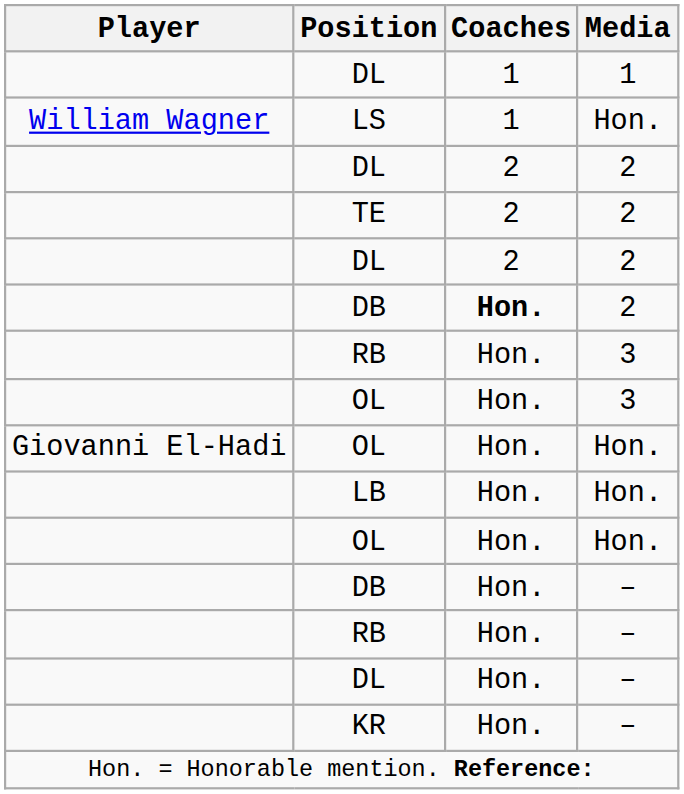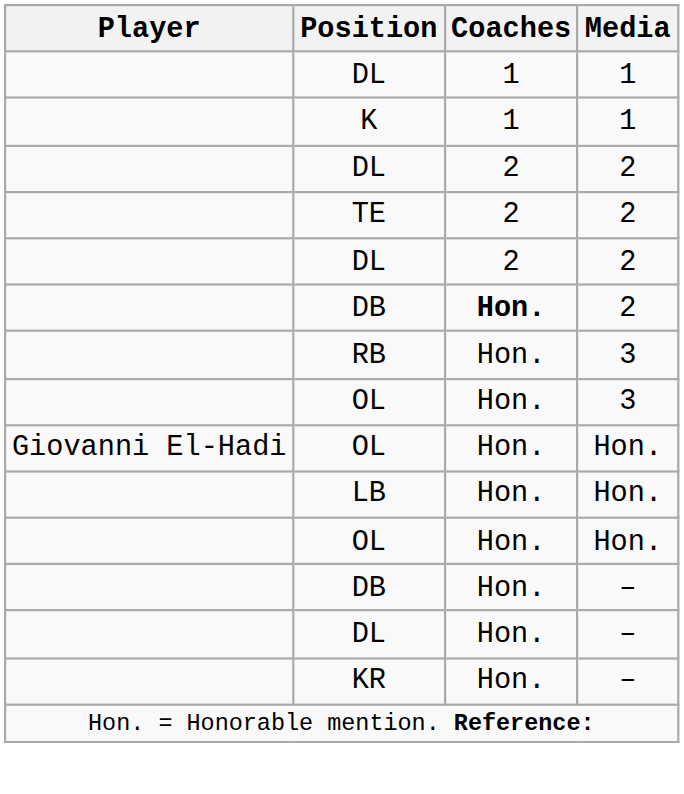 <table class="wikitable sortable sortable" style="text-align: center">
 <tr align=center>
 <th>Player</th>
 <th>Position</th>
 <th>Coaches</th>
 <th>Media</th>
 </tr>
 <tr>
 <td></td>
 <td>DL</td>
 <td>1</td>
 <td>1</td>
 </tr>
 <tr>
-<td><a href='#'>William Wagner</a></td>
-<td>LS</td>
+<td></td>
+<td>K</td>
 <td>1</td>
-<td data-sort-value="4">Hon.</td>
+<td>1</td>
 </tr>
 <tr>
 <td></td>
 <td>DL</td>
 <td>2</td>
 <td>2</td>
 </tr>
 <tr>
 <td></td>
 <td>TE</td>
 <td>2</td>
 <td>2</td>
 </tr>
 <tr>
 <td></td>
 <td>DL</td>
 <td>2</td>
 <td>2</td>
 </tr>
 <tr>
 <td></td>
 <td>DB</td>
 <td data-sort-value="4"><strong>Hon.</strong></td>
 <td>2</td>
 </tr>
 <tr>
 <td></td>
 <td>RB</td>
 <td data-sort-value="4">Hon.</td>
 <td>3</td>
 </tr>
 <tr>
 <td></td>
 <td>OL</td>
 <td data-sort-value="4">Hon.</td>
 <td>3</td>
 </tr>
 <tr>
 <td>Giovanni El-Hadi</td>
 <td>OL</td>
 <td data-sort-value="4">Hon.</td>
 <td data-sort-value="4">Hon.</td>
 </tr>
 <tr>
 <td></td>
 <td>LB</td>
 <td data-sort-value="4">Hon.</td>
 <td data-sort-value="4">Hon.</td>
 </tr>
 <tr>
 <td></td>
 <td>OL</td>
 <td data-sort-value="4">Hon.</td>
 <td data-sort-value="4">Hon.</td>
 </tr>
 <tr>
 <td></td>
 <td>DB</td>
 <td data-sort-value="4">Hon.</td>
 <td>–</td>
 </tr>
 <tr>
 <td></td>
-<td>RB</td>
-<td data-sort-value="4">Hon.</td>
-<td>–</td>
-</tr>
-<tr>
-<td></td>
 <td>DL</td>
 <td data-sort-value="4">Hon.</td>
 <td>–</td>
 </tr>
 <tr>
 <td></td>
 <td>KR</td>
 <td data-sort-value="4">Hon.</td>
 <td>–</td>
 </tr>
 <tr class="sortbottom">
 <td colspan="4"  style="font-size:8pt; text-align:center;">Hon. = Honorable mention. <strong>Reference:</strong></td>
 </tr>
 </table>
